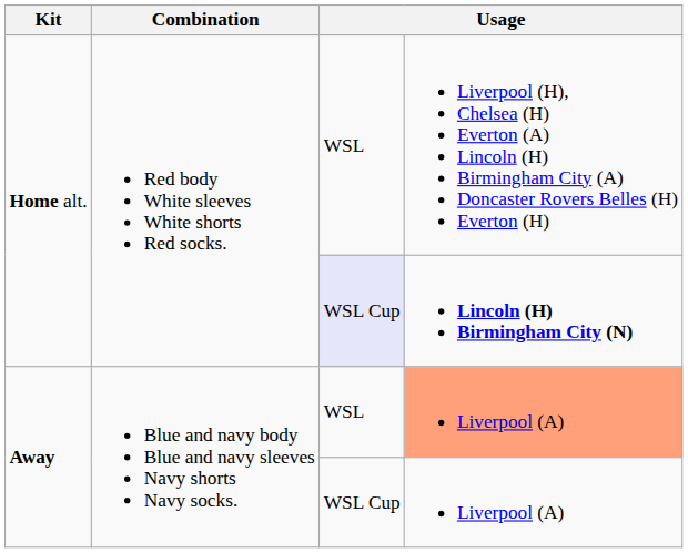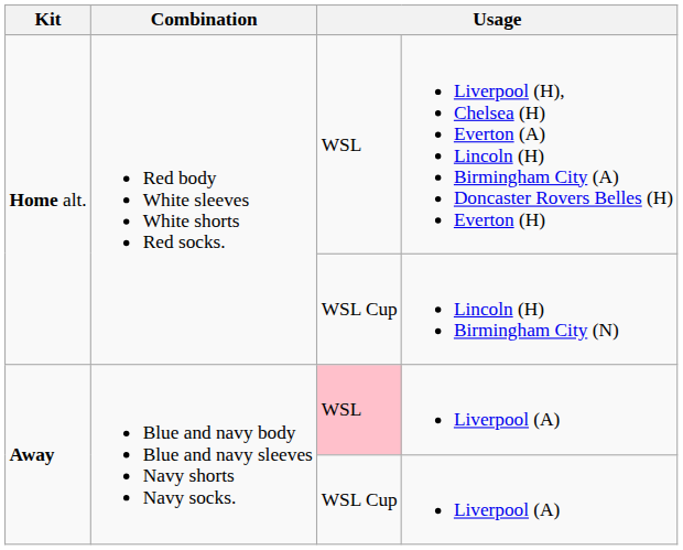 <table class="wikitable">
 <tr>
 <th>Kit</th>
 <th>Combination</th>
 <th colspan="2">Usage</th>
 </tr>
 <tr>
 <td rowspan="2"><strong>Home</strong> alt.</td>
 <td rowspan="2"><br><ul><li>Red body</li><li>White sleeves</li><li>White shorts</li><li>Red socks.</li></ul></td>
 <td>WSL</td>
 <td><br><ul><li><a href='#'>Liverpool</a> (H),</li><li><a href='#'>Chelsea</a> (H)</li><li><a href='#'>Everton</a> (A)</li><li><a href='#'>Lincoln</a> (H)</li><li><a href='#'>Birmingham City</a> (A)</li><li><a href='#'>Doncaster Rovers Belles</a> (H)</li><li><a href='#'>Everton</a> (H)</li></ul></td>
 </tr>
 <tr>
-<td style="background: lavender;">WSL Cup</td>
-<td><strong><br><ul><li><a href='#'>Lincoln</a> (H)</li><li><a href='#'>Birmingham City</a> (N)</li></ul></strong></td>
+<td>WSL Cup</td>
+<td><br><ul><li><a href='#'>Lincoln</a> (H)</li><li><a href='#'>Birmingham City</a> (N)</li></ul></td>
 </tr>
 <tr>
 <td rowspan="2"><strong>Away</strong></td>
 <td rowspan="2"><br><ul><li>Blue and navy body</li><li>Blue and navy sleeves</li><li>Navy shorts</li><li>Navy socks.</li></ul></td>
-<td>WSL</td>
-<td style="background: lightsalmon;"><br><ul><li><a href='#'>Liverpool</a> (A)</li></ul></td>
+<td style="background: pink;">WSL</td>
+<td><br><ul><li><a href='#'>Liverpool</a> (A)</li></ul></td>
 </tr>
 <tr>
 <td>WSL Cup</td>
 <td><br><ul><li><a href='#'>Liverpool</a> (A)</li></ul></td>
 </tr>
 </table>
